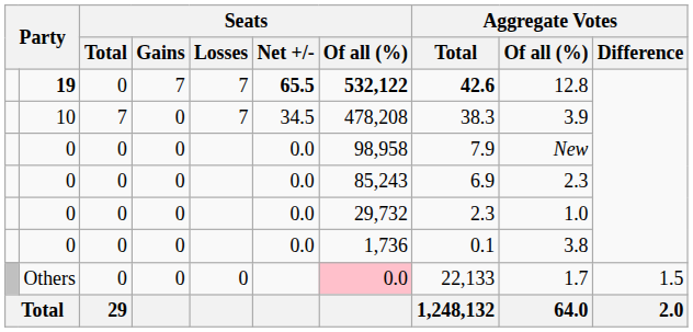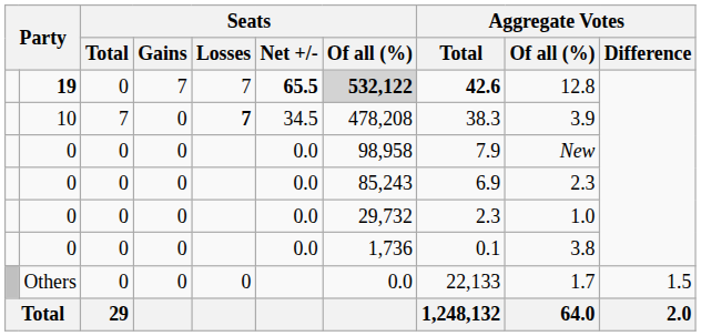 <table class="wikitable sortable" style="text-align:right; font-size:95%;">
 <tr>
 <th colspan="2" rowspan="2">Party</th>
 <th colspan="5">Seats</th>
 <th colspan="3">Aggregate Votes</th>
 </tr>
 <tr>
 <th>Total</th>
 <th>Gains</th>
 <th>Losses</th>
 <th>Net +/-</th>
 <th>Of all (%)</th>
 <th>Total</th>
 <th>Of all (%)</th>
 <th>Difference</th>
 </tr>
 <tr>
 <td></td>
 <td><strong>19</strong></td>
 <td>0</td>
 <td>7</td>
 <td>7</td>
 <td><strong>65.5</strong></td>
-<td><strong>532,122</strong></td>
+<td style="background: lightgrey;"><strong>532,122</strong></td>
 <td><strong>42.6</strong></td>
 <td>12.8</td>
 </tr>
 <tr>
 <td></td>
 <td>10</td>
 <td>7</td>
 <td>0</td>
-<td>7</td>
+<td><strong>7</strong></td>
 <td>34.5</td>
 <td>478,208</td>
 <td>38.3</td>
 <td>3.9</td>
 </tr>
 <tr>
 <td></td>
 <td>0</td>
 <td>0</td>
 <td>0</td>
 <td></td>
 <td>0.0</td>
 <td>98,958</td>
 <td>7.9</td>
 <td><em>New</em></td>
 </tr>
 <tr>
 <td></td>
 <td>0</td>
 <td>0</td>
 <td>0</td>
 <td></td>
 <td>0.0</td>
 <td>85,243</td>
 <td>6.9</td>
 <td>2.3</td>
 </tr>
 <tr>
 <td></td>
 <td>0</td>
 <td>0</td>
 <td>0</td>
 <td></td>
 <td>0.0</td>
 <td>29,732</td>
 <td>2.3</td>
 <td>1.0</td>
 </tr>
 <tr>
 <td></td>
 <td>0</td>
 <td>0</td>
 <td>0</td>
 <td></td>
 <td>0.0</td>
 <td>1,736</td>
 <td>0.1</td>
 <td>3.8</td>
 </tr>
 <tr>
 <td style="background:silver;"> </td>
 <td align=left>Others</td>
 <td>0</td>
 <td>0</td>
 <td>0</td>
 <td></td>
-<td style="background: pink;">0.0</td>
+<td>0.0</td>
 <td>22,133</td>
 <td>1.7</td>
 <td>1.5</td>
 </tr>
 <tr class="sortbottom">
 <th colspan="2" style="background:#f2f2f2">Total</th>
 <td style="background:#f2f2f2;"><strong>29</strong></td>
 <td style="background:#f2f2f2;"></td>
 <td style="background:#f2f2f2;"></td>
 <td style="background:#f2f2f2;"></td>
 <td style="background:#f2f2f2;"></td>
 <td style="background:#f2f2f2;"><strong>1,248,132</strong></td>
 <td style="background:#f2f2f2;"><strong>64.0</strong></td>
 <td style="background:#f2f2f2;"><strong>2.0</strong></td>
 </tr>
 </table>
